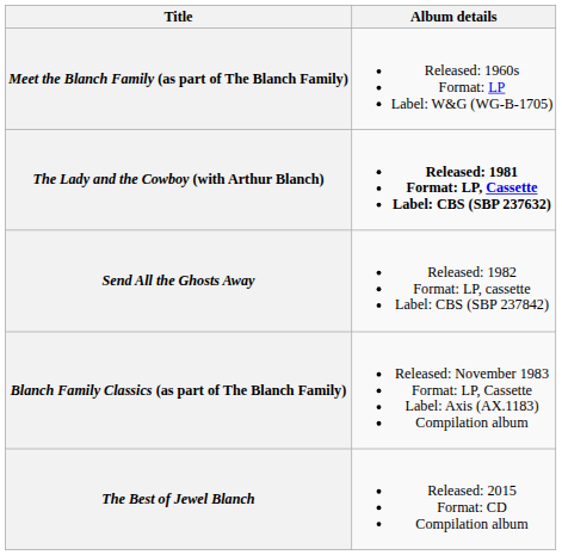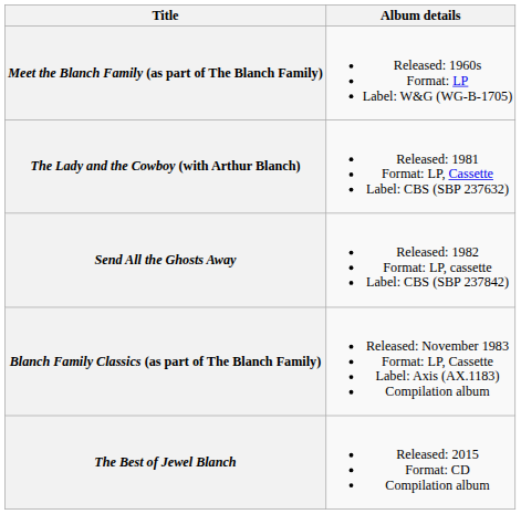 <table class="wikitable plainrowheaders" style="text-align:center;" border="1">
 <tr>
 <th scope="col">Title</th>
 <th scope="col">Album details</th>
 </tr>
 <tr>
 <th scope="row"><em>Meet the Blanch Family</em> (as part of The Blanch Family)</th>
 <td><br><ul><li>Released: 1960s</li><li>Format: <a href='#'>LP</a></li><li>Label: W&G (WG-B-1705)</li></ul></td>
 </tr>
 <tr>
 <th scope="row"><em>The Lady and the Cowboy</em> (with Arthur Blanch)</th>
-<td><strong><br><ul><li>Released: 1981</li><li>Format: LP, <a href='#'>Cassette</a></li><li>Label: CBS (SBP 237632)</li></ul></strong></td>
+<td><br><ul><li>Released: 1981</li><li>Format: LP, <a href='#'>Cassette</a></li><li>Label: CBS (SBP 237632)</li></ul></td>
 </tr>
 <tr>
 <th scope="row"><em>Send All the Ghosts Away</em></th>
 <td><br><ul><li>Released: 1982</li><li>Format: LP, cassette</li><li>Label: CBS (SBP 237842)</li></ul></td>
 </tr>
 <tr>
 <th scope="row"><em>Blanch Family Classics</em> (as part of The Blanch Family)</th>
 <td><br><ul><li>Released: November 1983</li><li>Format: LP, Cassette</li><li>Label: Axis (AX.1183)</li><li>Compilation album</li></ul></td>
 </tr>
 <tr>
 <th scope="row"><em>The Best of Jewel Blanch</em></th>
 <td><br><ul><li>Released: 2015</li><li>Format: CD</li><li>Compilation album</li></ul></td>
 </tr>
 </table>
